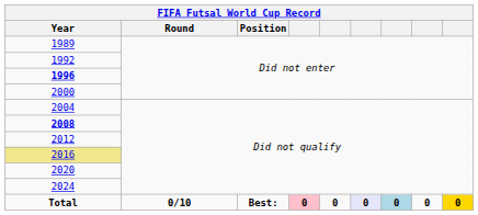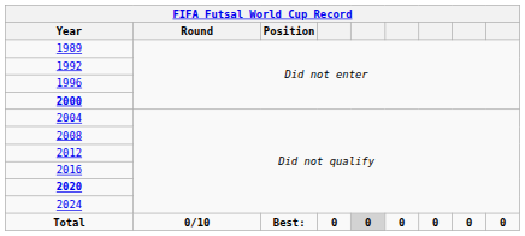 <table class="wikitable" style="text-align: center;font-size:100%">
 <tr>
 <th colspan=9><a href='#'>FIFA Futsal World Cup Record</a></th>
 </tr>
 <tr>
 <th width=150>Year</th>
 <th width=150>Round</th>
 <th width=35>Position</th>
 <th width=35></th>
 <th width=35></th>
 <th width=35></th>
 <th width=35></th>
 <th width=35></th>
 <th width=35></th>
 </tr>
 <tr>
 <td> <a href='#'>1989</a></td>
 <td rowspan=4 colspan=8><em>Did not enter</em></td>
 </tr>
 <tr>
 <td> <a href='#'>1992</a></td>
 </tr>
 <tr>
-<td><strong> <a href='#'>1996</a></strong></td>
+<td> <a href='#'>1996</a></td>
 </tr>
 <tr>
-<td> <a href='#'>2000</a></td>
+<td><strong> <a href='#'>2000</a></strong></td>
 </tr>
 <tr>
 <td> <a href='#'>2004</a></td>
 <td rowspan=6 colspan=8><em>Did not qualify</em></td>
 </tr>
 <tr>
-<td><strong> <a href='#'>2008</a></strong></td>
+<td> <a href='#'>2008</a></td>
 </tr>
 <tr>
 <td> <a href='#'>2012</a></td>
 </tr>
 <tr>
-<td style="background: khaki;"> <a href='#'>2016</a></td>
+<td> <a href='#'>2016</a></td>
 </tr>
 <tr>
-<td> <a href='#'>2020</a></td>
+<td><strong> <a href='#'>2020</a></strong></td>
 </tr>
 <tr>
 <td> <a href='#'>2024</a></td>
 </tr>
 <tr>
 <td><strong>Total</strong></td>
 <td><strong>0/10</strong></td>
 <td><strong>Best: </strong></td>
-<td style="background: pink;"><strong>0</strong></td>
 <td><strong>0</strong></td>
-<td style="background: lavender;"><strong>0</strong></td>
-<td style="background: lightblue;"><strong>0</strong></td>
+<td style="background: lightgrey;"><strong>0</strong></td>
 <td><strong>0</strong></td>
-<td style="background: gold;"><strong>0</strong></td>
+<td><strong>0</strong></td>
+<td><strong>0</strong></td>
+<td><strong>0</strong></td>
 </tr>
 </table>
